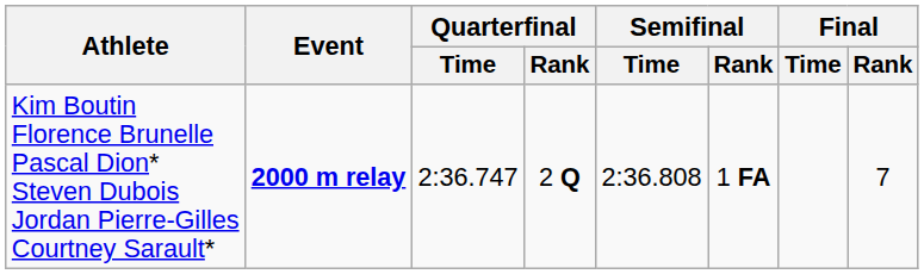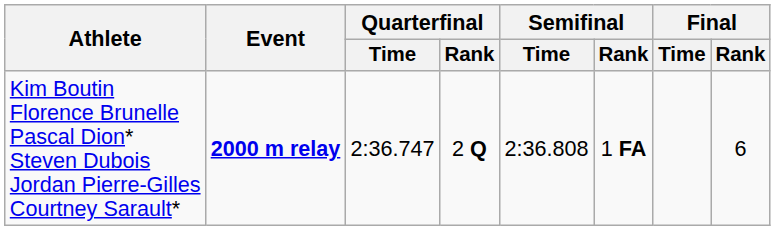 <table class=wikitable style=font-size:90%>
 <tr>
 <th rowspan=2>Athlete</th>
 <th rowspan=2>Event</th>
 <th colspan=2>Quarterfinal</th>
 <th colspan=2>Semifinal</th>
 <th colspan=2>Final</th>
 </tr>
 <tr style=font-size:95%>
 <th>Time</th>
 <th>Rank</th>
 <th>Time</th>
 <th>Rank</th>
 <th>Time</th>
 <th>Rank</th>
 </tr>
 <tr align=center>
 <td align=left><a href='#'>Kim Boutin</a><br><a href='#'>Florence Brunelle</a><br><a href='#'>Pascal Dion</a>*<br><a href='#'>Steven Dubois</a><br><a href='#'>Jordan Pierre-Gilles</a><br><a href='#'>Courtney Sarault</a>*</td>
 <td align=left><strong><a href='#'>2000 m relay</a></strong></td>
 <td>2:36.747</td>
 <td>2 <strong>Q</strong></td>
 <td>2:36.808</td>
 <td>1 <strong>FA</strong></td>
 <td></td>
-<td>7</td>
+<td>6</td>
 </tr>
 </table>
